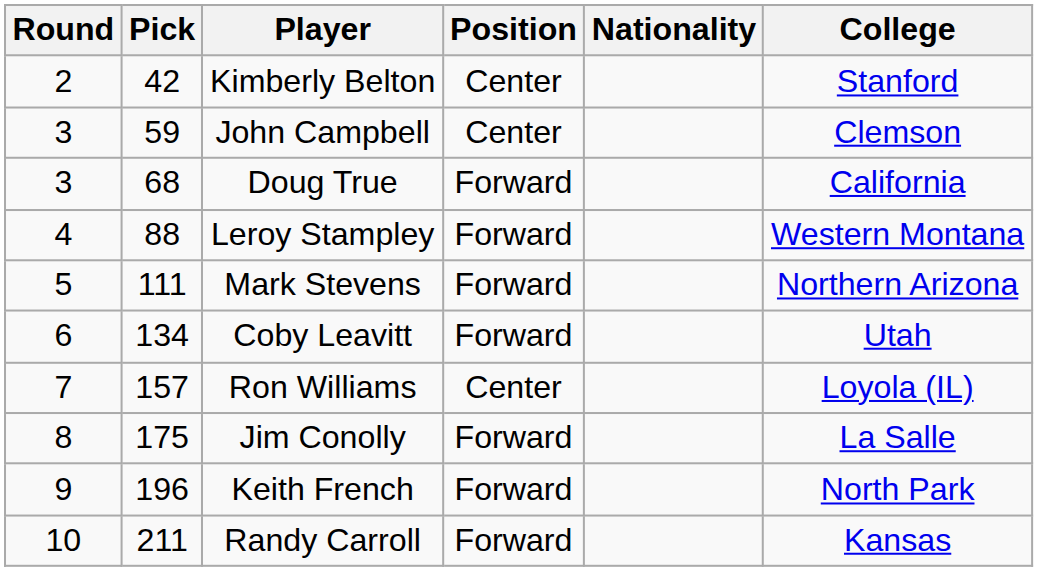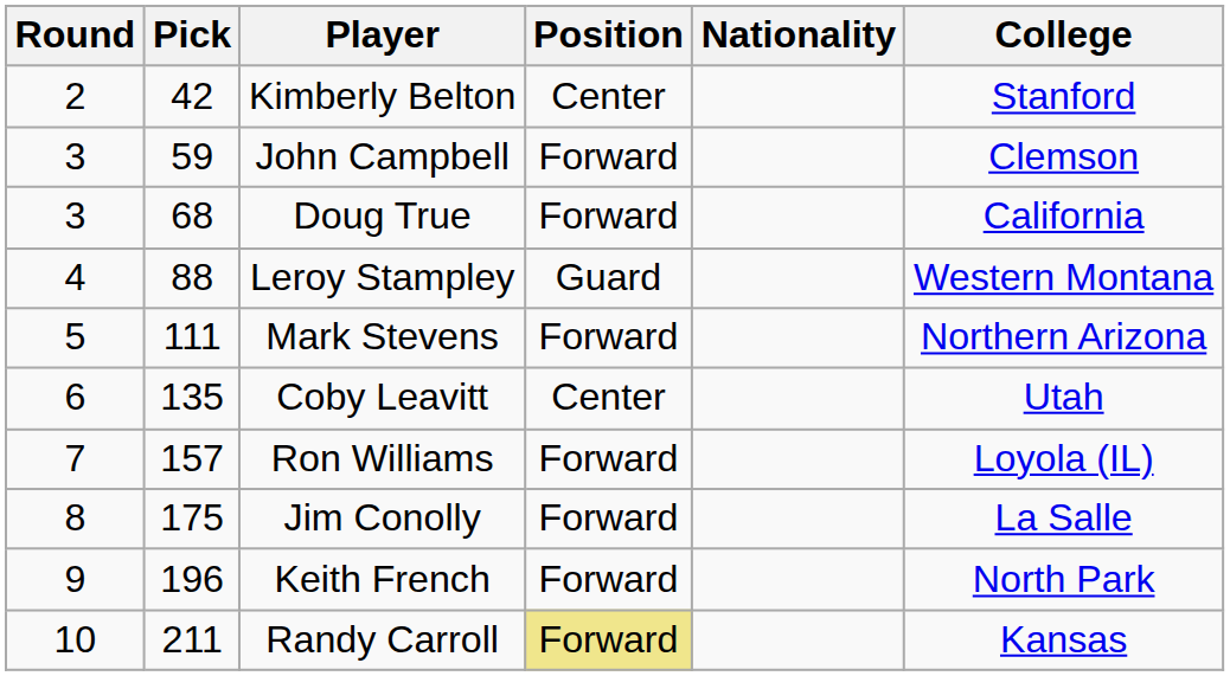 <table class="wikitable sortable sortable">
 <tr>
 <th>Round</th>
 <th>Pick</th>
 <th>Player</th>
 <th>Position</th>
 <th>Nationality</th>
 <th>College</th>
 </tr>
 <tr style="text-align: center">
 <td>2</td>
 <td>42</td>
 <td>Kimberly Belton</td>
 <td>Center</td>
 <td></td>
 <td><a href='#'>Stanford</a></td>
 </tr>
 <tr style="text-align: center">
 <td>3</td>
 <td>59</td>
 <td>John Campbell</td>
-<td>Center</td>
+<td>Forward</td>
 <td></td>
 <td><a href='#'>Clemson</a></td>
 </tr>
 <tr style="text-align: center">
 <td>3</td>
 <td>68</td>
 <td>Doug True</td>
 <td>Forward</td>
 <td></td>
 <td><a href='#'>California</a></td>
 </tr>
 <tr style="text-align: center">
 <td>4</td>
 <td>88</td>
 <td>Leroy Stampley</td>
-<td>Forward</td>
+<td>Guard</td>
 <td></td>
 <td><a href='#'>Western Montana</a></td>
 </tr>
 <tr style="text-align: center">
 <td>5</td>
 <td>111</td>
 <td>Mark Stevens</td>
 <td>Forward</td>
 <td></td>
 <td><a href='#'>Northern Arizona</a></td>
 </tr>
 <tr style="text-align: center">
 <td>6</td>
-<td>134</td>
+<td>135</td>
 <td>Coby Leavitt</td>
-<td>Forward</td>
+<td>Center</td>
 <td></td>
 <td><a href='#'>Utah</a></td>
 </tr>
 <tr style="text-align: center">
 <td>7</td>
 <td>157</td>
 <td>Ron Williams</td>
-<td>Center</td>
+<td>Forward</td>
 <td></td>
 <td><a href='#'>Loyola (IL)</a></td>
 </tr>
 <tr style="text-align: center">
 <td>8</td>
 <td>175</td>
 <td>Jim Conolly</td>
 <td>Forward</td>
 <td></td>
 <td><a href='#'>La Salle</a></td>
 </tr>
 <tr style="text-align: center">
 <td>9</td>
 <td>196</td>
 <td>Keith French</td>
 <td>Forward</td>
 <td></td>
 <td><a href='#'>North Park</a></td>
 </tr>
 <tr style="text-align: center">
 <td>10</td>
 <td>211</td>
 <td>Randy Carroll</td>
-<td>Forward</td>
+<td style="background: khaki;">Forward</td>
 <td></td>
 <td><a href='#'>Kansas</a></td>
 </tr>
 </table>
